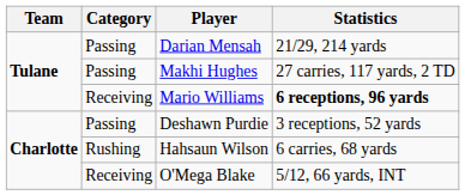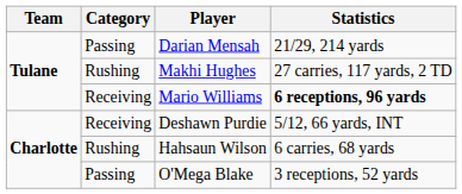 <table class="wikitable" style="float: right;">
 <tr>
 <th>Team</th>
 <th>Category</th>
 <th>Player</th>
 <th>Statistics</th>
 </tr>
 <tr>
 <td rowspan=3><strong>Tulane</strong></td>
 <td>Passing</td>
 <td><a href='#'>Darian Mensah</a></td>
 <td>21/29, 214 yards</td>
 </tr>
 <tr>
-<td>Passing</td>
+<td>Rushing</td>
 <td><a href='#'>Makhi Hughes</a></td>
 <td>27 carries, 117 yards, 2 TD</td>
 </tr>
 <tr>
 <td>Receiving</td>
 <td><a href='#'>Mario Williams</a></td>
 <td><strong>6 receptions, 96 yards</strong></td>
 </tr>
 <tr>
 <td rowspan=3><strong>Charlotte</strong></td>
-<td>Passing</td>
+<td>Receiving</td>
 <td>Deshawn Purdie</td>
-<td>3 receptions, 52 yards</td>
+<td>5/12, 66 yards, INT</td>
 </tr>
 <tr>
 <td>Rushing</td>
 <td>Hahsaun Wilson</td>
 <td>6 carries, 68 yards</td>
 </tr>
 <tr>
-<td>Receiving</td>
+<td>Passing</td>
 <td>O'Mega Blake</td>
-<td>5/12, 66 yards, INT</td>
+<td>3 receptions, 52 yards</td>
 </tr>
 </table>
